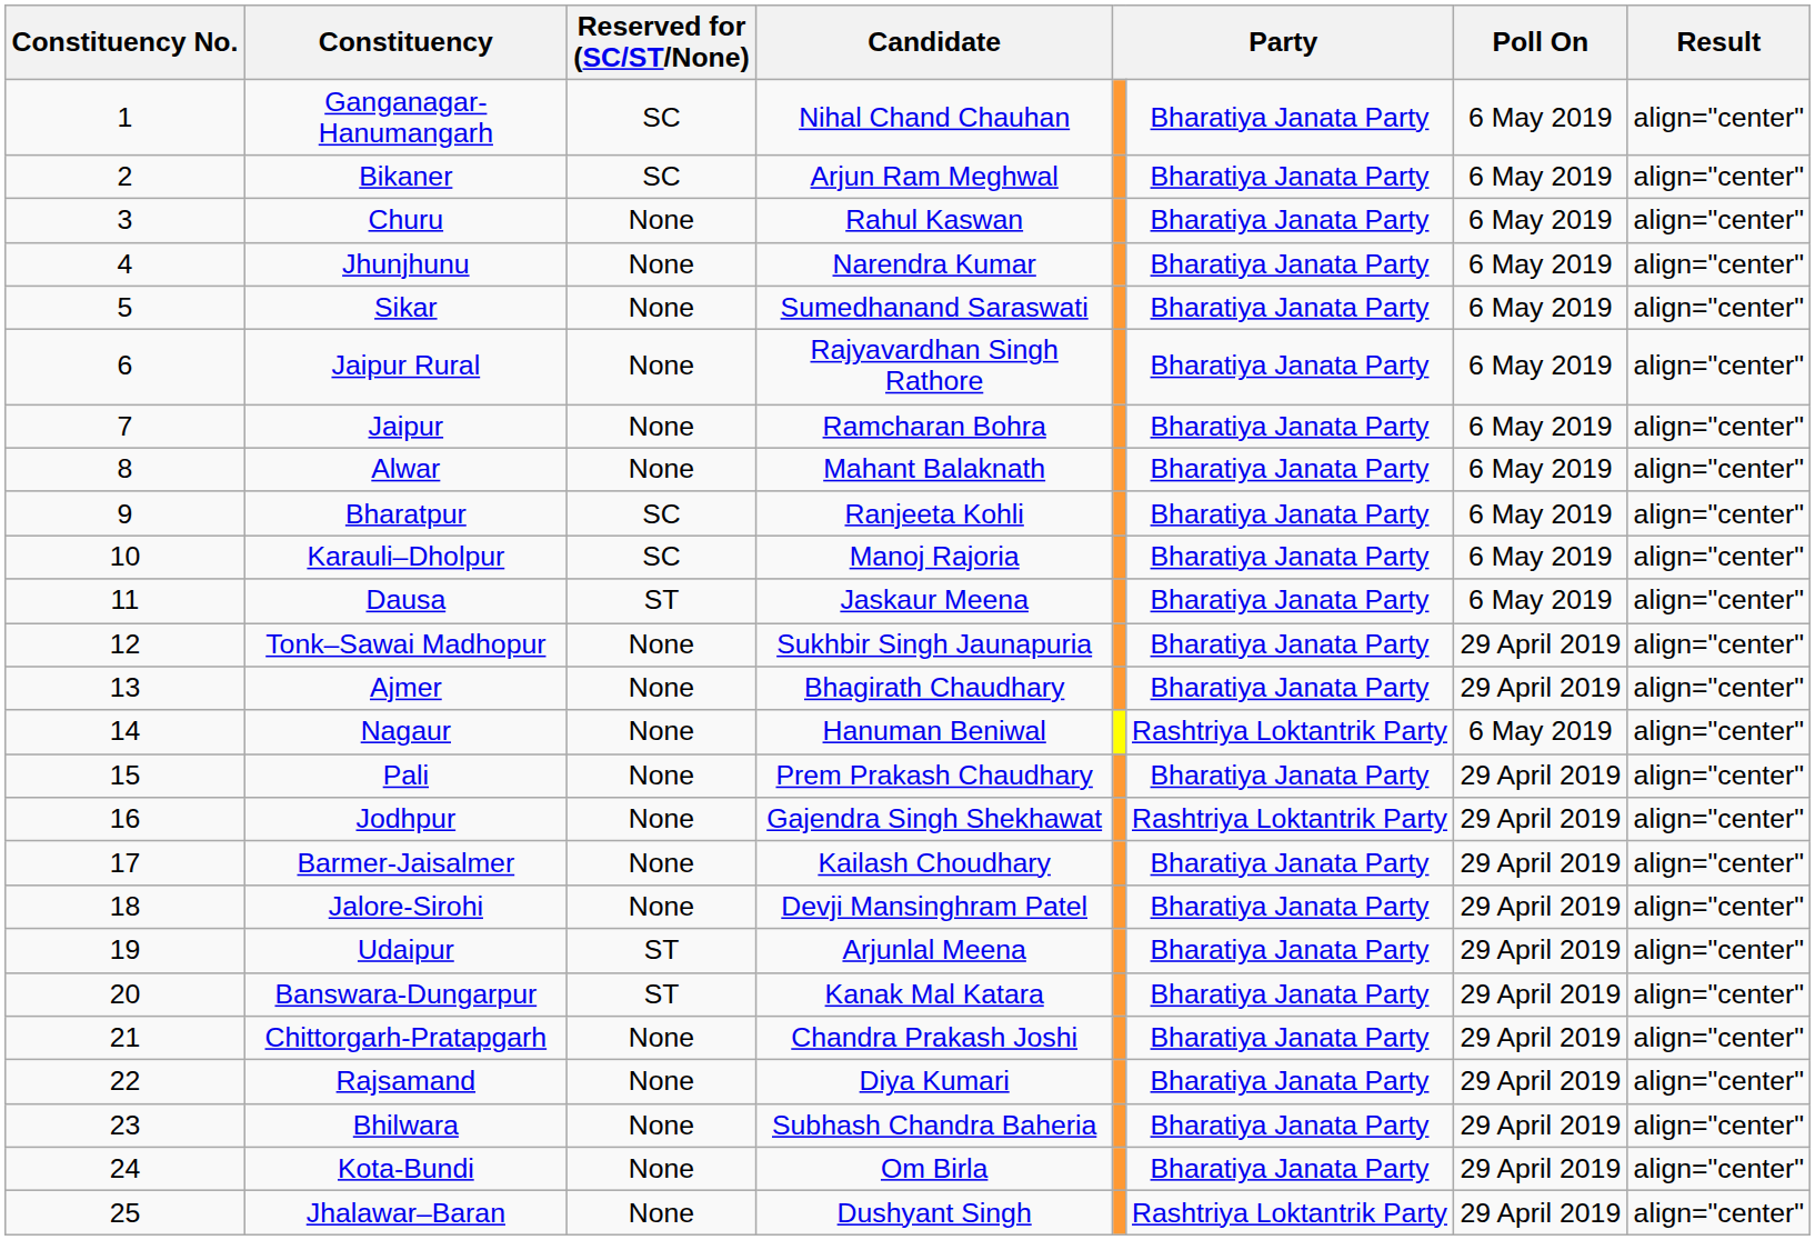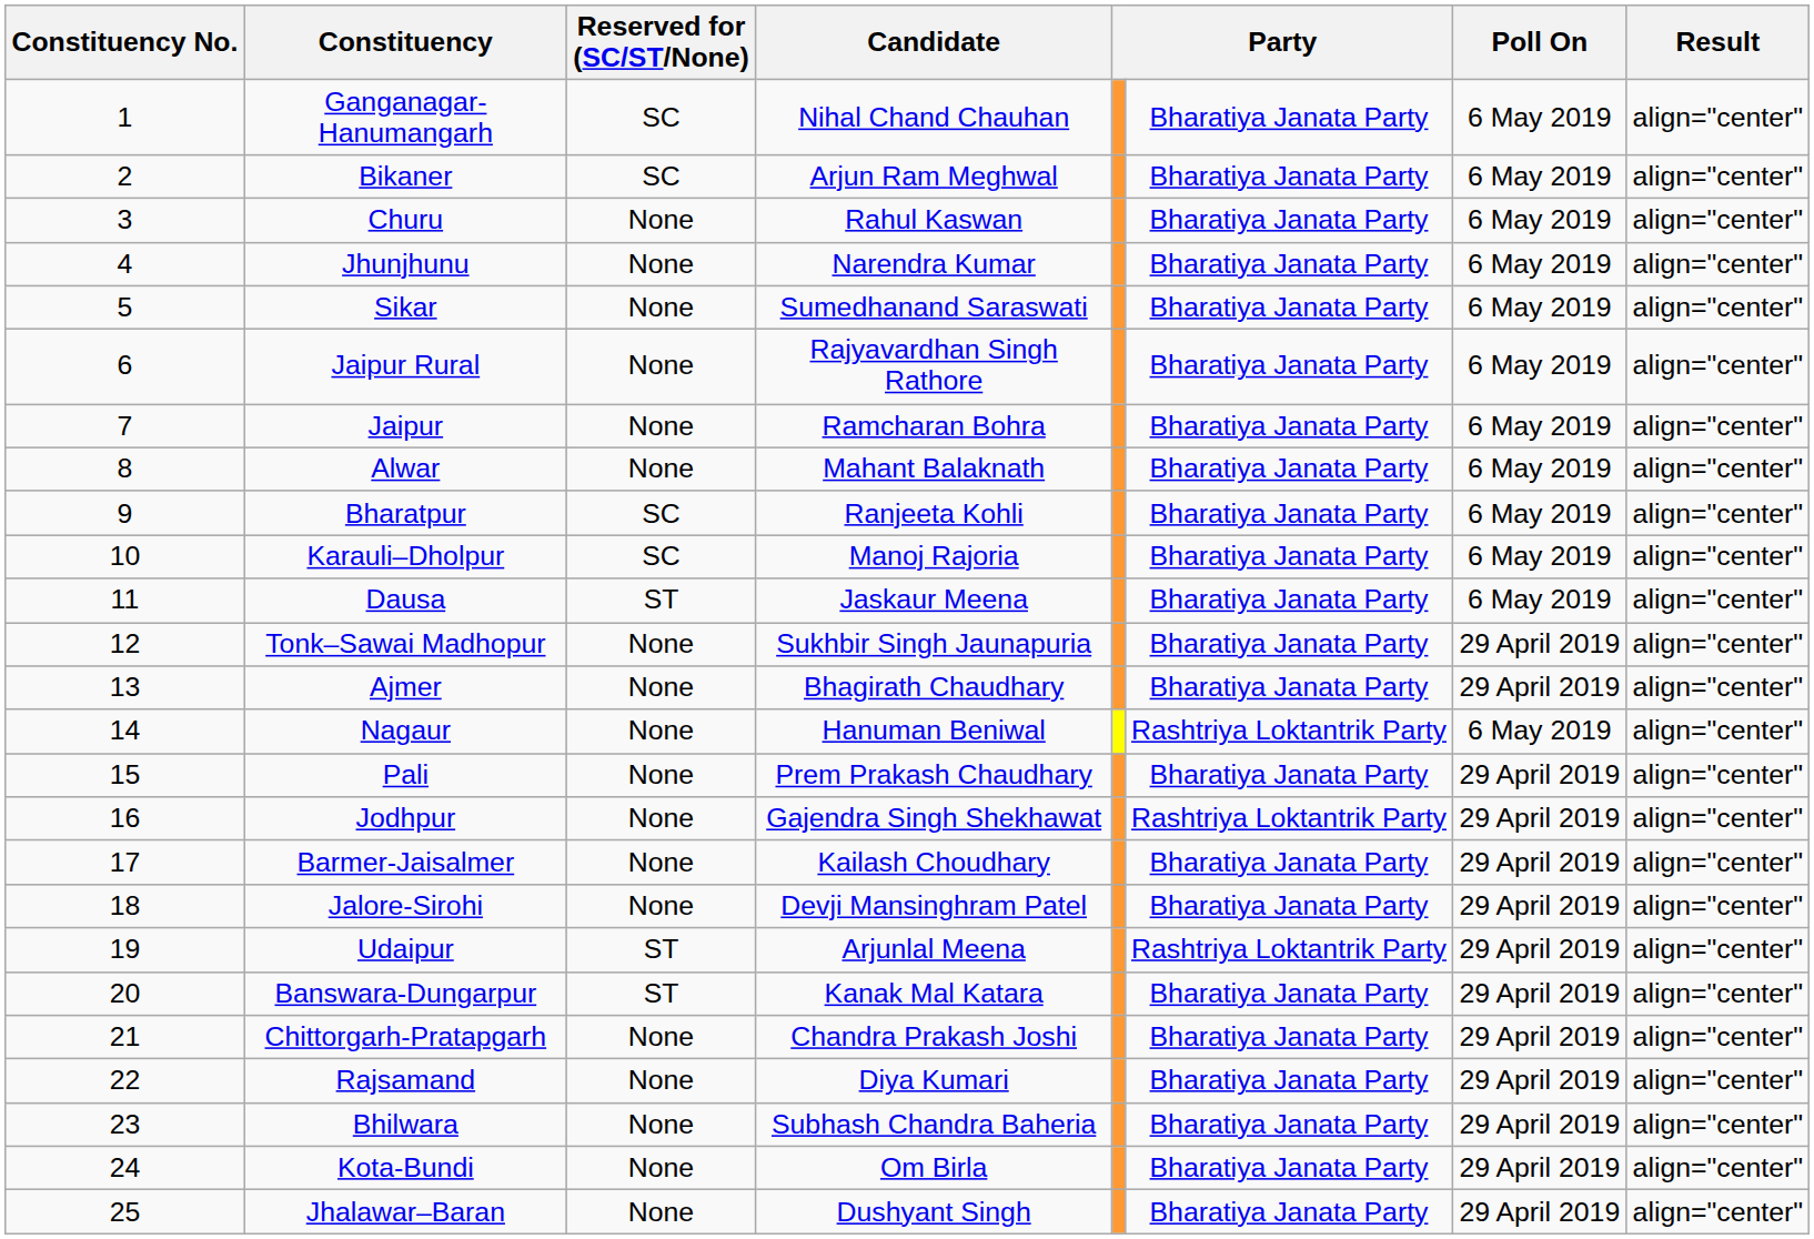 <table class="wikitable sortable" style="text-align:center;">
 <tr>
 <th>Constituency No.</th>
 <th style="width:180px;">Constituency</th>
 <th>Reserved for<br>(<a href='#'>SC/ST</a>/None)</th>
 <th style="width:200px;">Candidate</th>
 <th colspan="2">Party</th>
 <th>Poll On</th>
 <th>Result</th>
 </tr>
 <tr>
 <td align="center">1</td>
 <td><a href='#'>Ganganagar-Hanumangarh</a></td>
 <td align="center">SC</td>
 <td><a href='#'>Nihal Chand Chauhan</a></td>
 <td bgcolor=#FF9933></td>
 <td><a href='#'>Bharatiya Janata Party</a></td>
 <td align="center">6 May 2019</td>
 <td>align="center" </td>
 </tr>
 <tr>
 <td align="center">2</td>
 <td><a href='#'>Bikaner</a></td>
 <td align="center">SC</td>
 <td><a href='#'>Arjun Ram Meghwal</a></td>
 <td bgcolor=#FF9933></td>
 <td><a href='#'>Bharatiya Janata Party</a></td>
 <td align="center">6 May 2019</td>
 <td>align="center" </td>
 </tr>
 <tr>
 <td align="center">3</td>
 <td><a href='#'>Churu</a></td>
 <td align="center">None</td>
 <td><a href='#'>Rahul Kaswan</a></td>
 <td bgcolor="#FF9933"></td>
 <td><a href='#'>Bharatiya Janata Party</a></td>
 <td align="center">6 May 2019</td>
 <td>align="center" </td>
 </tr>
 <tr>
 <td align="center">4</td>
 <td><a href='#'>Jhunjhunu</a></td>
 <td align="center">None</td>
 <td><a href='#'>Narendra Kumar</a></td>
 <td bgcolor=#FF9933></td>
 <td><a href='#'>Bharatiya Janata Party</a></td>
 <td align="center">6 May 2019</td>
 <td>align="center" </td>
 </tr>
 <tr>
 <td align="center">5</td>
 <td><a href='#'>Sikar</a></td>
 <td align="center">None</td>
 <td><a href='#'>Sumedhanand Saraswati</a></td>
 <td bgcolor=#FF9933></td>
 <td><a href='#'>Bharatiya Janata Party</a></td>
 <td align="center">6 May 2019</td>
 <td>align="center" </td>
 </tr>
 <tr>
 <td align="center">6</td>
 <td><a href='#'>Jaipur Rural</a></td>
 <td align="center">None</td>
 <td><a href='#'>Rajyavardhan Singh Rathore</a></td>
 <td bgcolor=#FF9933></td>
 <td><a href='#'>Bharatiya Janata Party</a></td>
 <td align="center">6 May 2019</td>
 <td>align="center" </td>
 </tr>
 <tr>
 <td align="center">7</td>
 <td><a href='#'>Jaipur</a></td>
 <td align="center">None</td>
 <td><a href='#'>Ramcharan Bohra</a></td>
 <td bgcolor=#FF9933></td>
 <td><a href='#'>Bharatiya Janata Party</a></td>
 <td align="center">6 May 2019</td>
 <td>align="center" </td>
 </tr>
 <tr>
 <td align="center">8</td>
 <td><a href='#'>Alwar</a></td>
 <td align="center">None</td>
 <td><a href='#'>Mahant Balaknath</a></td>
 <td bgcolor="#FF9933"></td>
 <td><a href='#'>Bharatiya Janata Party</a></td>
 <td align="center">6 May 2019</td>
 <td>align="center" </td>
 </tr>
 <tr>
 <td align="center">9</td>
 <td><a href='#'>Bharatpur</a></td>
 <td align="center">SC</td>
 <td><a href='#'>Ranjeeta Kohli</a></td>
 <td bgcolor=#FF9933></td>
 <td><a href='#'>Bharatiya Janata Party</a></td>
 <td align="center">6 May 2019</td>
 <td>align="center" </td>
 </tr>
 <tr>
 <td align="center">10</td>
 <td><a href='#'>Karauli–Dholpur</a></td>
 <td align="center">SC</td>
 <td><a href='#'>Manoj Rajoria</a></td>
 <td bgcolor="#FF9933"></td>
 <td><a href='#'>Bharatiya Janata Party</a></td>
 <td align="center">6 May 2019</td>
 <td>align="center" </td>
 </tr>
 <tr>
 <td align="center">11</td>
 <td><a href='#'>Dausa</a></td>
 <td align="center">ST</td>
 <td><a href='#'>Jaskaur Meena</a></td>
 <td bgcolor="#FF9933"></td>
 <td><a href='#'>Bharatiya Janata Party</a></td>
 <td align="center">6 May 2019</td>
 <td>align="center" </td>
 </tr>
 <tr>
 <td align="center">12</td>
 <td><a href='#'>Tonk–Sawai Madhopur</a></td>
 <td align="center">None</td>
 <td><a href='#'>Sukhbir Singh Jaunapuria</a></td>
 <td bgcolor=#FF9933></td>
 <td><a href='#'>Bharatiya Janata Party</a></td>
 <td align="center">29 April 2019</td>
 <td>align="center" </td>
 </tr>
 <tr>
 <td align="center">13</td>
 <td><a href='#'>Ajmer</a></td>
 <td align="center">None</td>
 <td><a href='#'>Bhagirath Chaudhary</a></td>
 <td bgcolor=#FF9933></td>
 <td><a href='#'>Bharatiya Janata Party</a></td>
 <td align="center">29 April 2019</td>
 <td>align="center" </td>
 </tr>
 <tr>
 <td align="center">14</td>
 <td><a href='#'>Nagaur</a></td>
 <td align="center">None</td>
 <td><a href='#'>Hanuman Beniwal</a></td>
 <td bgcolor=#FFFF00></td>
 <td><a href='#'>Rashtriya Loktantrik Party</a></td>
 <td align="center">6 May 2019</td>
 <td>align="center" </td>
 </tr>
 <tr>
 <td align="center">15</td>
 <td><a href='#'>Pali</a></td>
 <td align="center">None</td>
 <td><a href='#'>Prem Prakash Chaudhary</a></td>
 <td bgcolor=#FF9933></td>
 <td><a href='#'>Bharatiya Janata Party</a></td>
 <td align="center">29 April 2019</td>
 <td>align="center" </td>
 </tr>
 <tr>
 <td align="center">16</td>
 <td><a href='#'>Jodhpur</a></td>
 <td align="center">None</td>
 <td><a href='#'>Gajendra Singh Shekhawat</a></td>
 <td bgcolor=#FF9933></td>
 <td><a href='#'>Rashtriya Loktantrik Party</a></td>
 <td align="center">29 April 2019</td>
 <td>align="center" </td>
 </tr>
 <tr>
 <td align="center">17</td>
 <td><a href='#'>Barmer-Jaisalmer</a></td>
 <td align="center">None</td>
 <td><a href='#'>Kailash Choudhary</a></td>
 <td bgcolor=#FF9933></td>
 <td><a href='#'>Bharatiya Janata Party</a></td>
 <td align="center">29 April 2019</td>
 <td>align="center" </td>
 </tr>
 <tr>
 <td align="center">18</td>
 <td><a href='#'>Jalore-Sirohi</a></td>
 <td align="center">None</td>
 <td><a href='#'>Devji Mansinghram Patel</a></td>
 <td bgcolor="#FF9933"></td>
 <td><a href='#'>Bharatiya Janata Party</a></td>
 <td align="center">29 April 2019</td>
 <td>align="center" </td>
 </tr>
 <tr>
 <td align="center">19</td>
 <td><a href='#'>Udaipur</a></td>
 <td align="center">ST</td>
 <td><a href='#'>Arjunlal Meena</a></td>
 <td bgcolor=#FF9933></td>
-<td><a href='#'>Bharatiya Janata Party</a></td>
+<td><a href='#'>Rashtriya Loktantrik Party</a></td>
 <td align="center">29 April 2019</td>
 <td>align="center" </td>
 </tr>
 <tr>
 <td align="center">20</td>
 <td><a href='#'>Banswara-Dungarpur</a></td>
 <td align="center">ST</td>
 <td><a href='#'>Kanak Mal Katara</a></td>
 <td bgcolor="#FF9933"></td>
 <td><a href='#'>Bharatiya Janata Party</a></td>
 <td align="center">29 April 2019</td>
 <td>align="center" </td>
 </tr>
 <tr>
 <td align="center">21</td>
 <td><a href='#'>Chittorgarh-Pratapgarh</a></td>
 <td align="center">None</td>
 <td><a href='#'>Chandra Prakash Joshi</a></td>
 <td bgcolor=#FF9933></td>
 <td><a href='#'>Bharatiya Janata Party</a></td>
 <td align="center">29 April 2019</td>
 <td>align="center" </td>
 </tr>
 <tr>
 <td align="center">22</td>
 <td><a href='#'>Rajsamand</a></td>
 <td align="center">None</td>
 <td><a href='#'>Diya Kumari</a></td>
 <td bgcolor=#FF9933></td>
 <td><a href='#'>Bharatiya Janata Party</a></td>
 <td align="center">29 April 2019</td>
 <td>align="center" </td>
 </tr>
 <tr>
 <td align="center">23</td>
 <td><a href='#'>Bhilwara</a></td>
 <td align="center">None</td>
 <td><a href='#'>Subhash Chandra Baheria</a></td>
 <td bgcolor=#FF9933></td>
 <td><a href='#'>Bharatiya Janata Party</a></td>
 <td align="center">29 April 2019</td>
 <td>align="center" </td>
 </tr>
 <tr>
 <td align="center">24</td>
 <td><a href='#'>Kota-Bundi</a></td>
 <td align="center">None</td>
 <td><a href='#'>Om Birla</a></td>
 <td bgcolor=#FF9933></td>
 <td><a href='#'>Bharatiya Janata Party</a></td>
 <td align="center">29 April 2019</td>
 <td>align="center" </td>
 </tr>
 <tr>
 <td align="center">25</td>
 <td><a href='#'>Jhalawar–Baran</a></td>
 <td align="center">None</td>
 <td><a href='#'>Dushyant Singh</a></td>
 <td bgcolor=#FF9933></td>
-<td><a href='#'>Rashtriya Loktantrik Party</a></td>
+<td><a href='#'>Bharatiya Janata Party</a></td>
 <td align="center">29 April 2019</td>
 <td>align="center" </td>
 </tr>
 <tr>
 </tr>
 </table>
